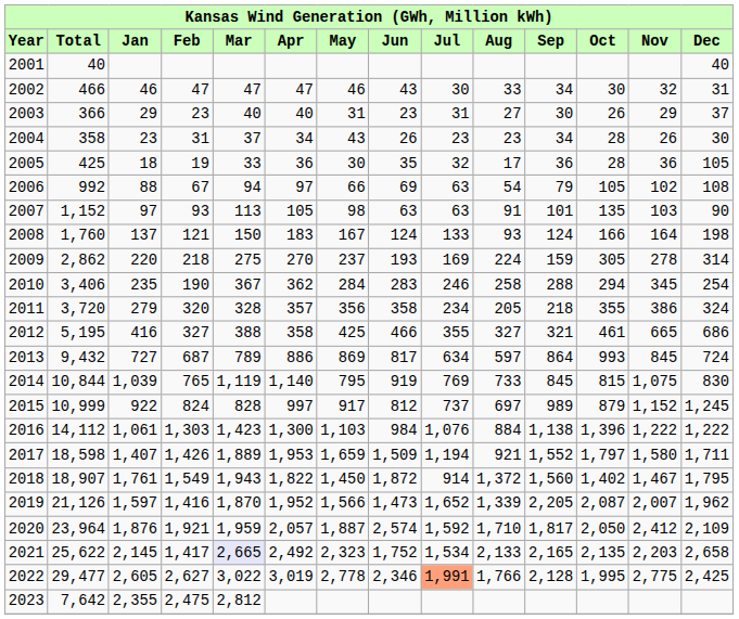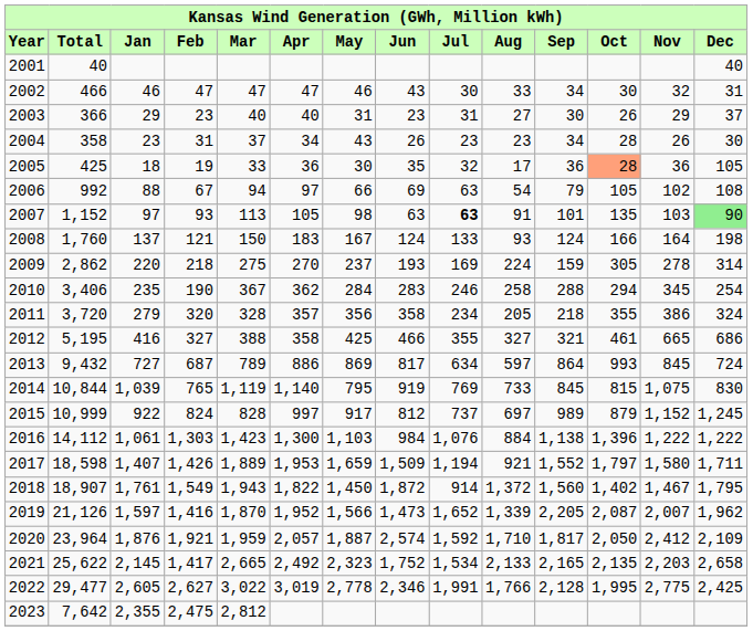 <table class="wikitable" style="text-align:right;">
 <tr>
 <th colspan="14" style="background:#cfb;">Kansas Wind Generation (GWh, Million kWh)</th>
 </tr>
 <tr>
 <th style="background:#cfb;">Year</th>
 <th style="background:#cfb;">Total</th>
 <th style="background:#cfb;">Jan</th>
 <th style="background:#cfb;">Feb</th>
 <th style="background:#cfb;">Mar</th>
 <th style="background:#cfb;">Apr</th>
 <th style="background:#cfb;">May</th>
 <th style="background:#cfb;">Jun</th>
 <th style="background:#cfb;">Jul</th>
 <th style="background:#cfb;">Aug</th>
 <th style="background:#cfb;">Sep</th>
 <th style="background:#cfb;">Oct</th>
 <th style="background:#cfb;">Nov</th>
 <th style="background:#cfb;">Dec</th>
 </tr>
 <tr align=right>
 <td>2001</td>
 <td>40</td>
 <td></td>
 <td></td>
 <td></td>
 <td></td>
 <td></td>
 <td></td>
 <td></td>
 <td></td>
 <td></td>
 <td></td>
 <td></td>
 <td>40</td>
 </tr>
 <tr align=right>
 <td>2002</td>
 <td>466</td>
 <td>46</td>
 <td>47</td>
 <td>47</td>
 <td>47</td>
 <td>46</td>
 <td>43</td>
 <td>30</td>
 <td>33</td>
 <td>34</td>
 <td>30</td>
 <td>32</td>
 <td>31</td>
 </tr>
 <tr align=right>
 <td>2003</td>
 <td>366</td>
 <td>29</td>
 <td>23</td>
 <td>40</td>
 <td>40</td>
 <td>31</td>
 <td>23</td>
 <td>31</td>
 <td>27</td>
 <td>30</td>
 <td>26</td>
 <td>29</td>
 <td>37</td>
 </tr>
 <tr align=right>
 <td>2004</td>
 <td>358</td>
 <td>23</td>
 <td>31</td>
 <td>37</td>
 <td>34</td>
 <td>43</td>
 <td>26</td>
 <td>23</td>
 <td>23</td>
 <td>34</td>
 <td>28</td>
 <td>26</td>
 <td>30</td>
 </tr>
 <tr align=right>
 <td>2005</td>
 <td>425</td>
 <td>18</td>
 <td>19</td>
 <td>33</td>
 <td>36</td>
 <td>30</td>
 <td>35</td>
 <td>32</td>
 <td>17</td>
 <td>36</td>
-<td>28</td>
+<td style="background: lightsalmon;">28</td>
 <td>36</td>
 <td>105</td>
 </tr>
 <tr align=right>
 <td>2006</td>
 <td>992</td>
 <td>88</td>
 <td>67</td>
 <td>94</td>
 <td>97</td>
 <td>66</td>
 <td>69</td>
 <td>63</td>
 <td>54</td>
 <td>79</td>
 <td>105</td>
 <td>102</td>
 <td>108</td>
 </tr>
 <tr align=right>
 <td>2007</td>
 <td>1,152</td>
 <td>97</td>
 <td>93</td>
 <td>113</td>
 <td>105</td>
 <td>98</td>
 <td>63</td>
-<td>63</td>
+<td><strong>63</strong></td>
 <td>91</td>
 <td>101</td>
 <td>135</td>
 <td>103</td>
-<td>90</td>
+<td style="background: lightgreen;">90</td>
 </tr>
 <tr align=right>
 <td>2008</td>
 <td>1,760</td>
 <td>137</td>
 <td>121</td>
 <td>150</td>
 <td>183</td>
 <td>167</td>
 <td>124</td>
 <td>133</td>
 <td>93</td>
 <td>124</td>
 <td>166</td>
 <td>164</td>
 <td>198</td>
 </tr>
 <tr align=right>
 <td>2009</td>
 <td>2,862</td>
 <td>220</td>
 <td>218</td>
 <td>275</td>
 <td>270</td>
 <td>237</td>
 <td>193</td>
 <td>169</td>
 <td>224</td>
 <td>159</td>
 <td>305</td>
 <td>278</td>
 <td>314</td>
 </tr>
 <tr align=right>
 <td>2010</td>
 <td>3,406</td>
 <td>235</td>
 <td>190</td>
 <td>367</td>
 <td>362</td>
 <td>284</td>
 <td>283</td>
 <td>246</td>
 <td>258</td>
 <td>288</td>
 <td>294</td>
 <td>345</td>
 <td>254</td>
 </tr>
 <tr align=right>
 <td>2011</td>
 <td>3,720</td>
 <td>279</td>
 <td>320</td>
 <td>328</td>
 <td>357</td>
 <td>356</td>
 <td>358</td>
 <td>234</td>
 <td>205</td>
 <td>218</td>
 <td>355</td>
 <td>386</td>
 <td>324</td>
 </tr>
 <tr align=right>
 <td>2012</td>
 <td>5,195</td>
 <td>416</td>
 <td>327</td>
 <td>388</td>
 <td>358</td>
 <td>425</td>
 <td>466</td>
 <td>355</td>
 <td>327</td>
 <td>321</td>
 <td>461</td>
 <td>665</td>
 <td>686</td>
 </tr>
 <tr align=right>
 <td>2013</td>
 <td>9,432</td>
 <td>727</td>
 <td>687</td>
 <td>789</td>
 <td>886</td>
 <td>869</td>
 <td>817</td>
 <td>634</td>
 <td>597</td>
 <td>864</td>
 <td>993</td>
 <td>845</td>
 <td>724</td>
 </tr>
 <tr align=right>
 <td>2014</td>
 <td>10,844</td>
 <td>1,039</td>
 <td>765</td>
 <td>1,119</td>
 <td>1,140</td>
 <td>795</td>
 <td>919</td>
 <td>769</td>
 <td>733</td>
 <td>845</td>
 <td>815</td>
 <td>1,075</td>
 <td>830</td>
 </tr>
 <tr align=right>
 <td>2015</td>
 <td>10,999</td>
 <td>922</td>
 <td>824</td>
 <td>828</td>
 <td>997</td>
 <td>917</td>
 <td>812</td>
 <td>737</td>
 <td>697</td>
 <td>989</td>
 <td>879</td>
 <td>1,152</td>
 <td>1,245</td>
 </tr>
 <tr align=right>
 <td>2016</td>
 <td>14,112</td>
 <td>1,061</td>
 <td>1,303</td>
 <td>1,423</td>
 <td>1,300</td>
 <td>1,103</td>
 <td>984</td>
 <td>1,076</td>
 <td>884</td>
 <td>1,138</td>
 <td>1,396</td>
 <td>1,222</td>
 <td>1,222</td>
 </tr>
 <tr align=right>
 <td>2017</td>
 <td>18,598</td>
 <td>1,407</td>
 <td>1,426</td>
 <td>1,889</td>
 <td>1,953</td>
 <td>1,659</td>
 <td>1,509</td>
 <td>1,194</td>
 <td>921</td>
 <td>1,552</td>
 <td>1,797</td>
 <td>1,580</td>
 <td>1,711</td>
 </tr>
 <tr align=right>
 <td>2018</td>
 <td>18,907</td>
 <td>1,761</td>
 <td>1,549</td>
 <td>1,943</td>
 <td>1,822</td>
 <td>1,450</td>
 <td>1,872</td>
 <td>914</td>
 <td>1,372</td>
 <td>1,560</td>
 <td>1,402</td>
 <td>1,467</td>
 <td>1,795</td>
 </tr>
 <tr align=right>
 <td>2019</td>
 <td>21,126</td>
 <td>1,597</td>
 <td>1,416</td>
 <td>1,870</td>
 <td>1,952</td>
 <td>1,566</td>
 <td>1,473</td>
 <td>1,652</td>
 <td>1,339</td>
 <td>2,205</td>
 <td>2,087</td>
 <td>2,007</td>
 <td>1,962</td>
 </tr>
 <tr align=right>
 <td>2020</td>
 <td>23,964</td>
 <td>1,876</td>
 <td>1,921</td>
 <td>1,959</td>
 <td>2,057</td>
 <td>1,887</td>
 <td>2,574</td>
 <td>1,592</td>
 <td>1,710</td>
 <td>1,817</td>
 <td>2,050</td>
 <td>2,412</td>
 <td>2,109</td>
 </tr>
 <tr align=right>
 <td>2021</td>
 <td>25,622</td>
 <td>2,145</td>
 <td>1,417</td>
-<td style="background: lavender;">2,665</td>
+<td>2,665</td>
 <td>2,492</td>
 <td>2,323</td>
 <td>1,752</td>
 <td>1,534</td>
 <td>2,133</td>
 <td>2,165</td>
 <td>2,135</td>
 <td>2,203</td>
 <td>2,658</td>
 </tr>
 <tr align=right>
 <td>2022</td>
 <td>29,477</td>
 <td>2,605</td>
 <td>2,627</td>
 <td>3,022</td>
 <td>3,019</td>
 <td>2,778</td>
 <td>2,346</td>
-<td style="background: lightsalmon;">1,991</td>
+<td>1,991</td>
 <td>1,766</td>
 <td>2,128</td>
 <td>1,995</td>
 <td>2,775</td>
 <td>2,425</td>
 </tr>
 <tr align=right>
 <td>2023</td>
 <td>7,642</td>
 <td>2,355</td>
 <td>2,475</td>
 <td>2,812</td>
 <td></td>
 <td></td>
 <td></td>
 <td></td>
 <td></td>
 <td></td>
 <td></td>
 <td></td>
 <td></td>
 </tr>
 <tr align=right>
 </tr>
 </table>
